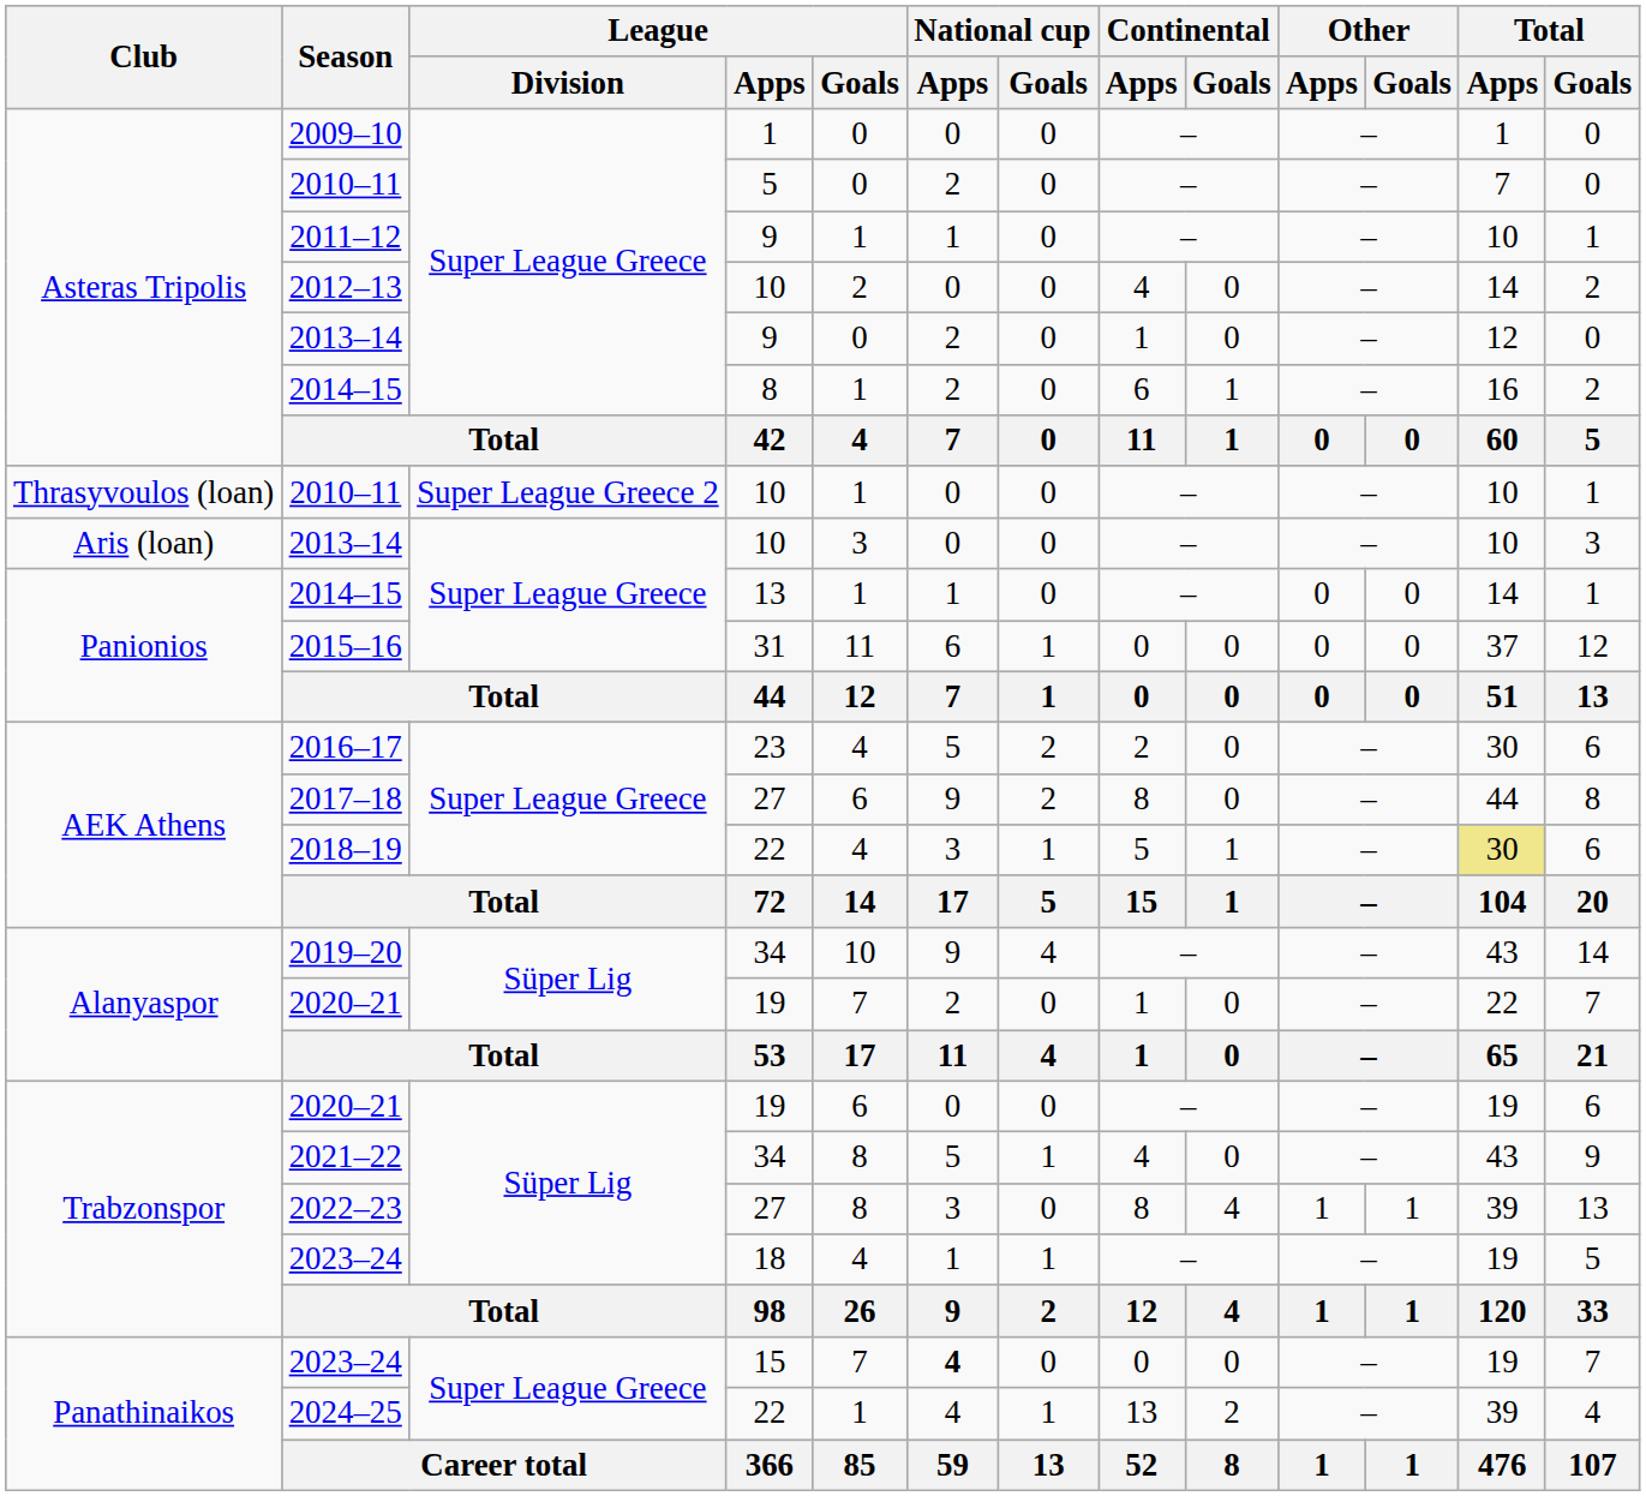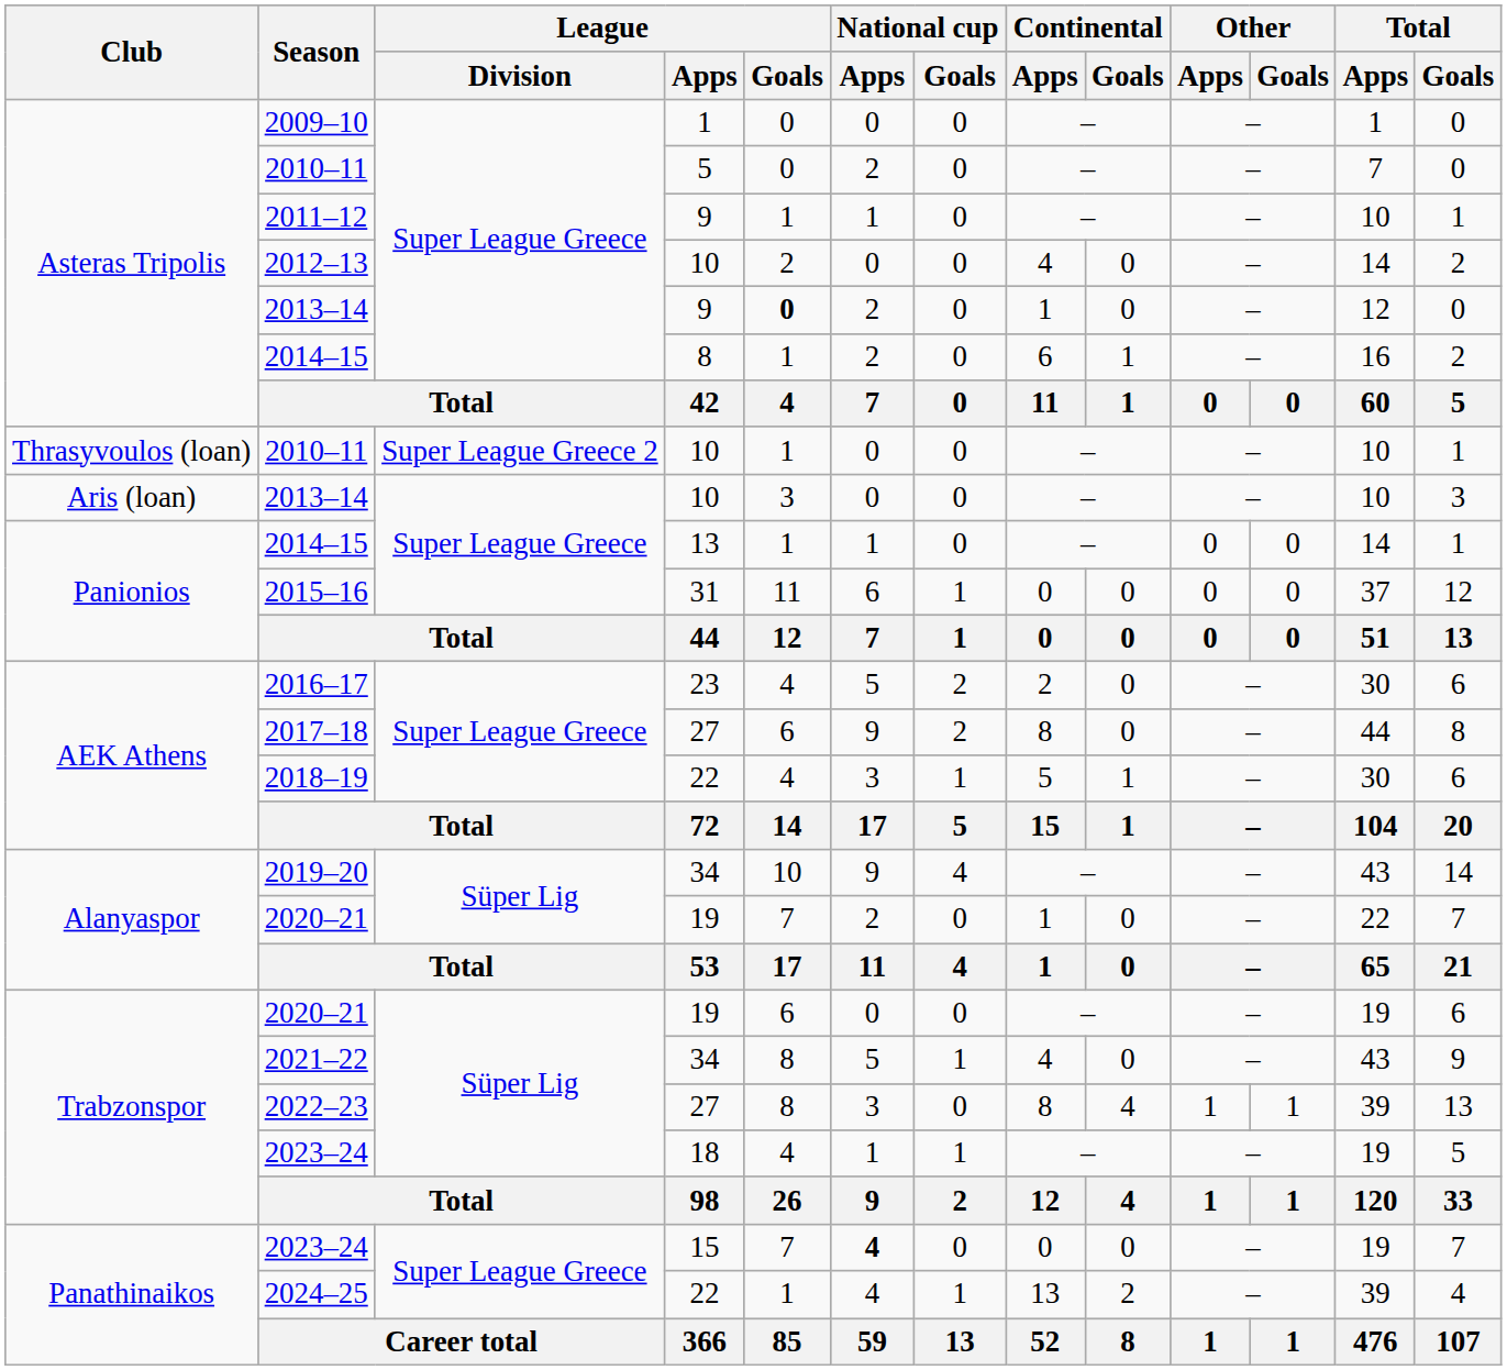 <table class="wikitable" style="text-align:center">
 <tr>
 <th rowspan="2">Club</th>
 <th rowspan="2">Season</th>
 <th colspan="3">League</th>
 <th colspan="2">National cup</th>
 <th colspan="2">Continental</th>
 <th colspan="2">Other</th>
 <th colspan="2">Total</th>
 </tr>
 <tr>
 <th>Division</th>
 <th>Apps</th>
 <th>Goals</th>
 <th>Apps</th>
 <th>Goals</th>
 <th>Apps</th>
 <th>Goals</th>
 <th>Apps</th>
 <th>Goals</th>
 <th>Apps</th>
 <th>Goals</th>
 </tr>
 <tr>
 <td rowspan="7"><a href='#'>Asteras Tripolis</a></td>
 <td><a href='#'>2009–10</a></td>
 <td rowspan="6"><a href='#'>Super League Greece</a></td>
 <td>1</td>
 <td>0</td>
 <td>0</td>
 <td>0</td>
 <td colspan="2">–</td>
 <td colspan="2">–</td>
 <td>1</td>
 <td>0</td>
 </tr>
 <tr>
 <td><a href='#'>2010–11</a></td>
 <td>5</td>
 <td>0</td>
 <td>2</td>
 <td>0</td>
 <td colspan="2">–</td>
 <td colspan="2">–</td>
 <td>7</td>
 <td>0</td>
 </tr>
 <tr>
 <td><a href='#'>2011–12</a></td>
 <td>9</td>
 <td>1</td>
 <td>1</td>
 <td>0</td>
 <td colspan="2">–</td>
 <td colspan="2">–</td>
 <td>10</td>
 <td>1</td>
 </tr>
 <tr>
 <td><a href='#'>2012–13</a></td>
 <td>10</td>
 <td>2</td>
 <td>0</td>
 <td>0</td>
 <td>4</td>
 <td>0</td>
 <td colspan="2">–</td>
 <td>14</td>
 <td>2</td>
 </tr>
 <tr>
 <td><a href='#'>2013–14</a></td>
 <td>9</td>
-<td>0</td>
+<td><strong>0</strong></td>
 <td>2</td>
 <td>0</td>
 <td>1</td>
 <td>0</td>
 <td colspan="2">–</td>
 <td>12</td>
 <td>0</td>
 </tr>
 <tr>
 <td><a href='#'>2014–15</a></td>
 <td>8</td>
 <td>1</td>
 <td>2</td>
 <td>0</td>
 <td>6</td>
 <td>1</td>
 <td colspan="2">–</td>
 <td>16</td>
 <td>2</td>
 </tr>
 <tr>
 <th colspan="2">Total</th>
 <th>42</th>
 <th>4</th>
 <th>7</th>
 <th>0</th>
 <th>11</th>
 <th>1</th>
 <th>0</th>
 <th>0</th>
 <th>60</th>
 <th>5</th>
 </tr>
 <tr>
 <td><a href='#'>Thrasyvoulos</a> (loan)</td>
 <td><a href='#'>2010–11</a></td>
 <td><a href='#'>Super League Greece 2</a></td>
 <td>10</td>
 <td>1</td>
 <td>0</td>
 <td>0</td>
 <td colspan="2">–</td>
 <td colspan="2">–</td>
 <td>10</td>
 <td>1</td>
 </tr>
 <tr>
 <td><a href='#'>Aris</a> (loan)</td>
 <td><a href='#'>2013–14</a></td>
 <td rowspan="3"><a href='#'>Super League Greece</a></td>
 <td>10</td>
 <td>3</td>
 <td>0</td>
 <td>0</td>
 <td colspan="2">–</td>
 <td colspan="2">–</td>
 <td>10</td>
 <td>3</td>
 </tr>
 <tr>
 <td rowspan="3"><a href='#'>Panionios</a></td>
 <td><a href='#'>2014–15</a></td>
 <td>13</td>
 <td>1</td>
 <td>1</td>
 <td>0</td>
 <td colspan="2">–</td>
 <td>0</td>
 <td>0</td>
 <td>14</td>
 <td>1</td>
 </tr>
 <tr>
 <td><a href='#'>2015–16</a></td>
 <td>31</td>
 <td>11</td>
 <td>6</td>
 <td>1</td>
 <td>0</td>
 <td>0</td>
 <td>0</td>
 <td>0</td>
 <td>37</td>
 <td>12</td>
 </tr>
 <tr>
 <th colspan="2">Total</th>
 <th>44</th>
 <th>12</th>
 <th>7</th>
 <th>1</th>
 <th>0</th>
 <th>0</th>
 <th>0</th>
 <th>0</th>
 <th>51</th>
 <th>13</th>
 </tr>
 <tr>
 <td rowspan="4"><a href='#'>AEK Athens</a></td>
 <td><a href='#'>2016–17</a></td>
 <td rowspan="3"><a href='#'>Super League Greece</a></td>
 <td>23</td>
 <td>4</td>
 <td>5</td>
 <td>2</td>
 <td>2</td>
 <td>0</td>
 <td colspan="2">–</td>
 <td>30</td>
 <td>6</td>
 </tr>
 <tr>
 <td><a href='#'>2017–18</a></td>
 <td>27</td>
 <td>6</td>
 <td>9</td>
 <td>2</td>
 <td>8</td>
 <td>0</td>
 <td colspan="2">–</td>
 <td>44</td>
 <td>8</td>
 </tr>
 <tr>
 <td><a href='#'>2018–19</a></td>
 <td>22</td>
 <td>4</td>
 <td>3</td>
 <td>1</td>
 <td>5</td>
 <td>1</td>
 <td colspan="2">–</td>
-<td style="background: khaki;">30</td>
+<td>30</td>
 <td>6</td>
 </tr>
 <tr>
 <th colspan="2">Total</th>
 <th>72</th>
 <th>14</th>
 <th>17</th>
 <th>5</th>
 <th>15</th>
 <th>1</th>
 <th colspan="2">–</th>
 <th>104</th>
 <th>20</th>
 </tr>
 <tr>
 <td rowspan="3"><a href='#'>Alanyaspor</a></td>
 <td><a href='#'>2019–20</a></td>
 <td rowspan="2"><a href='#'>Süper Lig</a></td>
 <td>34</td>
 <td>10</td>
 <td>9</td>
 <td>4</td>
 <td colspan="2">–</td>
 <td colspan="2">–</td>
 <td>43</td>
 <td>14</td>
 </tr>
 <tr>
 <td><a href='#'>2020–21</a></td>
 <td>19</td>
 <td>7</td>
 <td>2</td>
 <td>0</td>
 <td>1</td>
 <td>0</td>
 <td colspan="2">–</td>
 <td>22</td>
 <td>7</td>
 </tr>
 <tr>
 <th colspan="2">Total</th>
 <th>53</th>
 <th>17</th>
 <th>11</th>
 <th>4</th>
 <th>1</th>
 <th>0</th>
 <th colspan="2">–</th>
 <th>65</th>
 <th>21</th>
 </tr>
 <tr>
 <td rowspan="5"><a href='#'>Trabzonspor</a></td>
 <td><a href='#'>2020–21</a></td>
 <td rowspan="4"><a href='#'>Süper Lig</a></td>
 <td>19</td>
 <td>6</td>
 <td>0</td>
 <td>0</td>
 <td colspan="2">–</td>
 <td colspan="2">–</td>
 <td>19</td>
 <td>6</td>
 </tr>
 <tr>
 <td><a href='#'>2021–22</a></td>
 <td>34</td>
 <td>8</td>
 <td>5</td>
 <td>1</td>
 <td>4</td>
 <td>0</td>
 <td colspan="2">–</td>
 <td>43</td>
 <td>9</td>
 </tr>
 <tr>
 <td><a href='#'>2022–23</a></td>
 <td>27</td>
 <td>8</td>
 <td>3</td>
 <td>0</td>
 <td>8</td>
 <td>4</td>
 <td>1</td>
 <td>1</td>
 <td>39</td>
 <td>13</td>
 </tr>
 <tr>
 <td><a href='#'>2023–24</a></td>
 <td>18</td>
 <td>4</td>
 <td>1</td>
 <td>1</td>
 <td colspan="2">–</td>
 <td colspan="2">–</td>
 <td>19</td>
 <td>5</td>
 </tr>
 <tr>
 <th colspan="2">Total</th>
 <th>98</th>
 <th>26</th>
 <th>9</th>
 <th>2</th>
 <th>12</th>
 <th>4</th>
 <th>1</th>
 <th>1</th>
 <th>120</th>
 <th>33</th>
 </tr>
 <tr>
 <td rowspan="3"><a href='#'>Panathinaikos</a></td>
 <td><a href='#'>2023–24</a></td>
 <td rowspan="2"><a href='#'>Super League Greece</a></td>
 <td>15</td>
 <td>7</td>
 <td><strong>4</strong></td>
 <td>0</td>
 <td>0</td>
 <td>0</td>
 <td colspan="2">–</td>
 <td>19</td>
 <td>7</td>
 </tr>
 <tr>
 <td><a href='#'>2024–25</a></td>
 <td>22</td>
 <td>1</td>
 <td>4</td>
 <td>1</td>
 <td>13</td>
 <td>2</td>
 <td colspan="2">–</td>
 <td>39</td>
 <td>4</td>
 </tr>
 <tr>
 <th colspan="2">Career total</th>
 <th>366</th>
 <th>85</th>
 <th>59</th>
 <th>13</th>
 <th>52</th>
 <th>8</th>
 <th>1</th>
 <th>1</th>
 <th>476</th>
 <th>107</th>
 </tr>
 </table>
